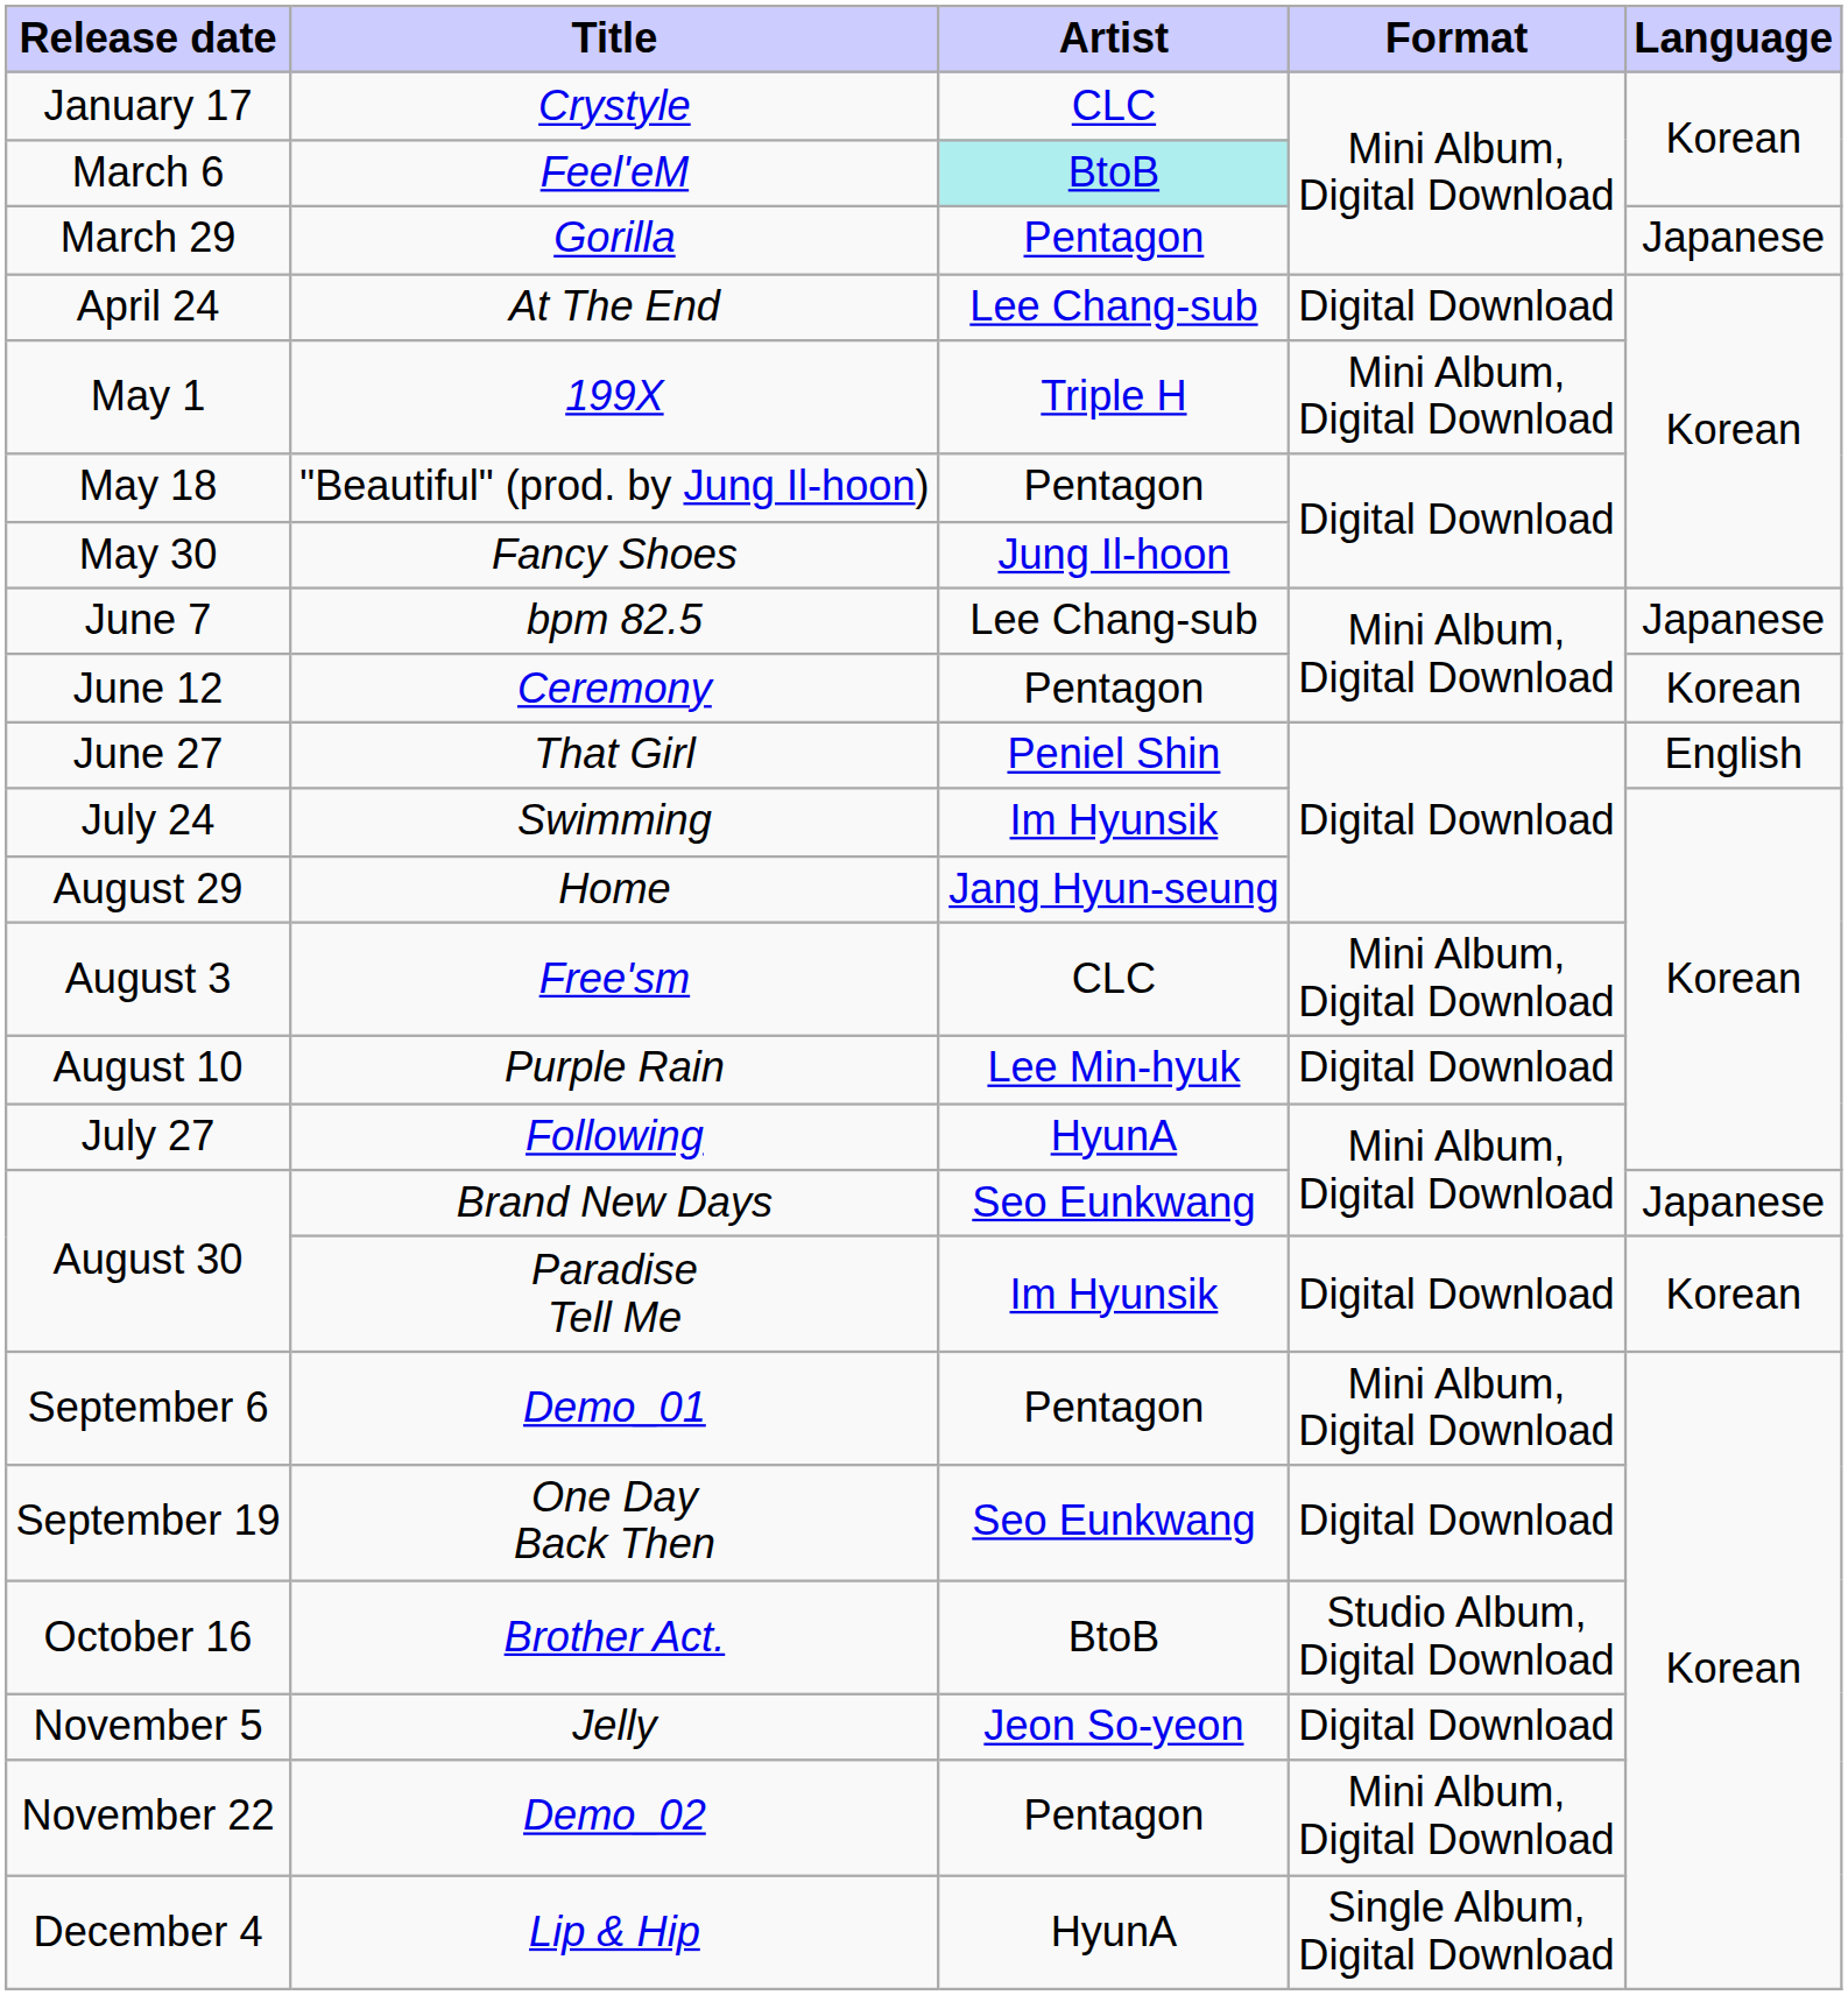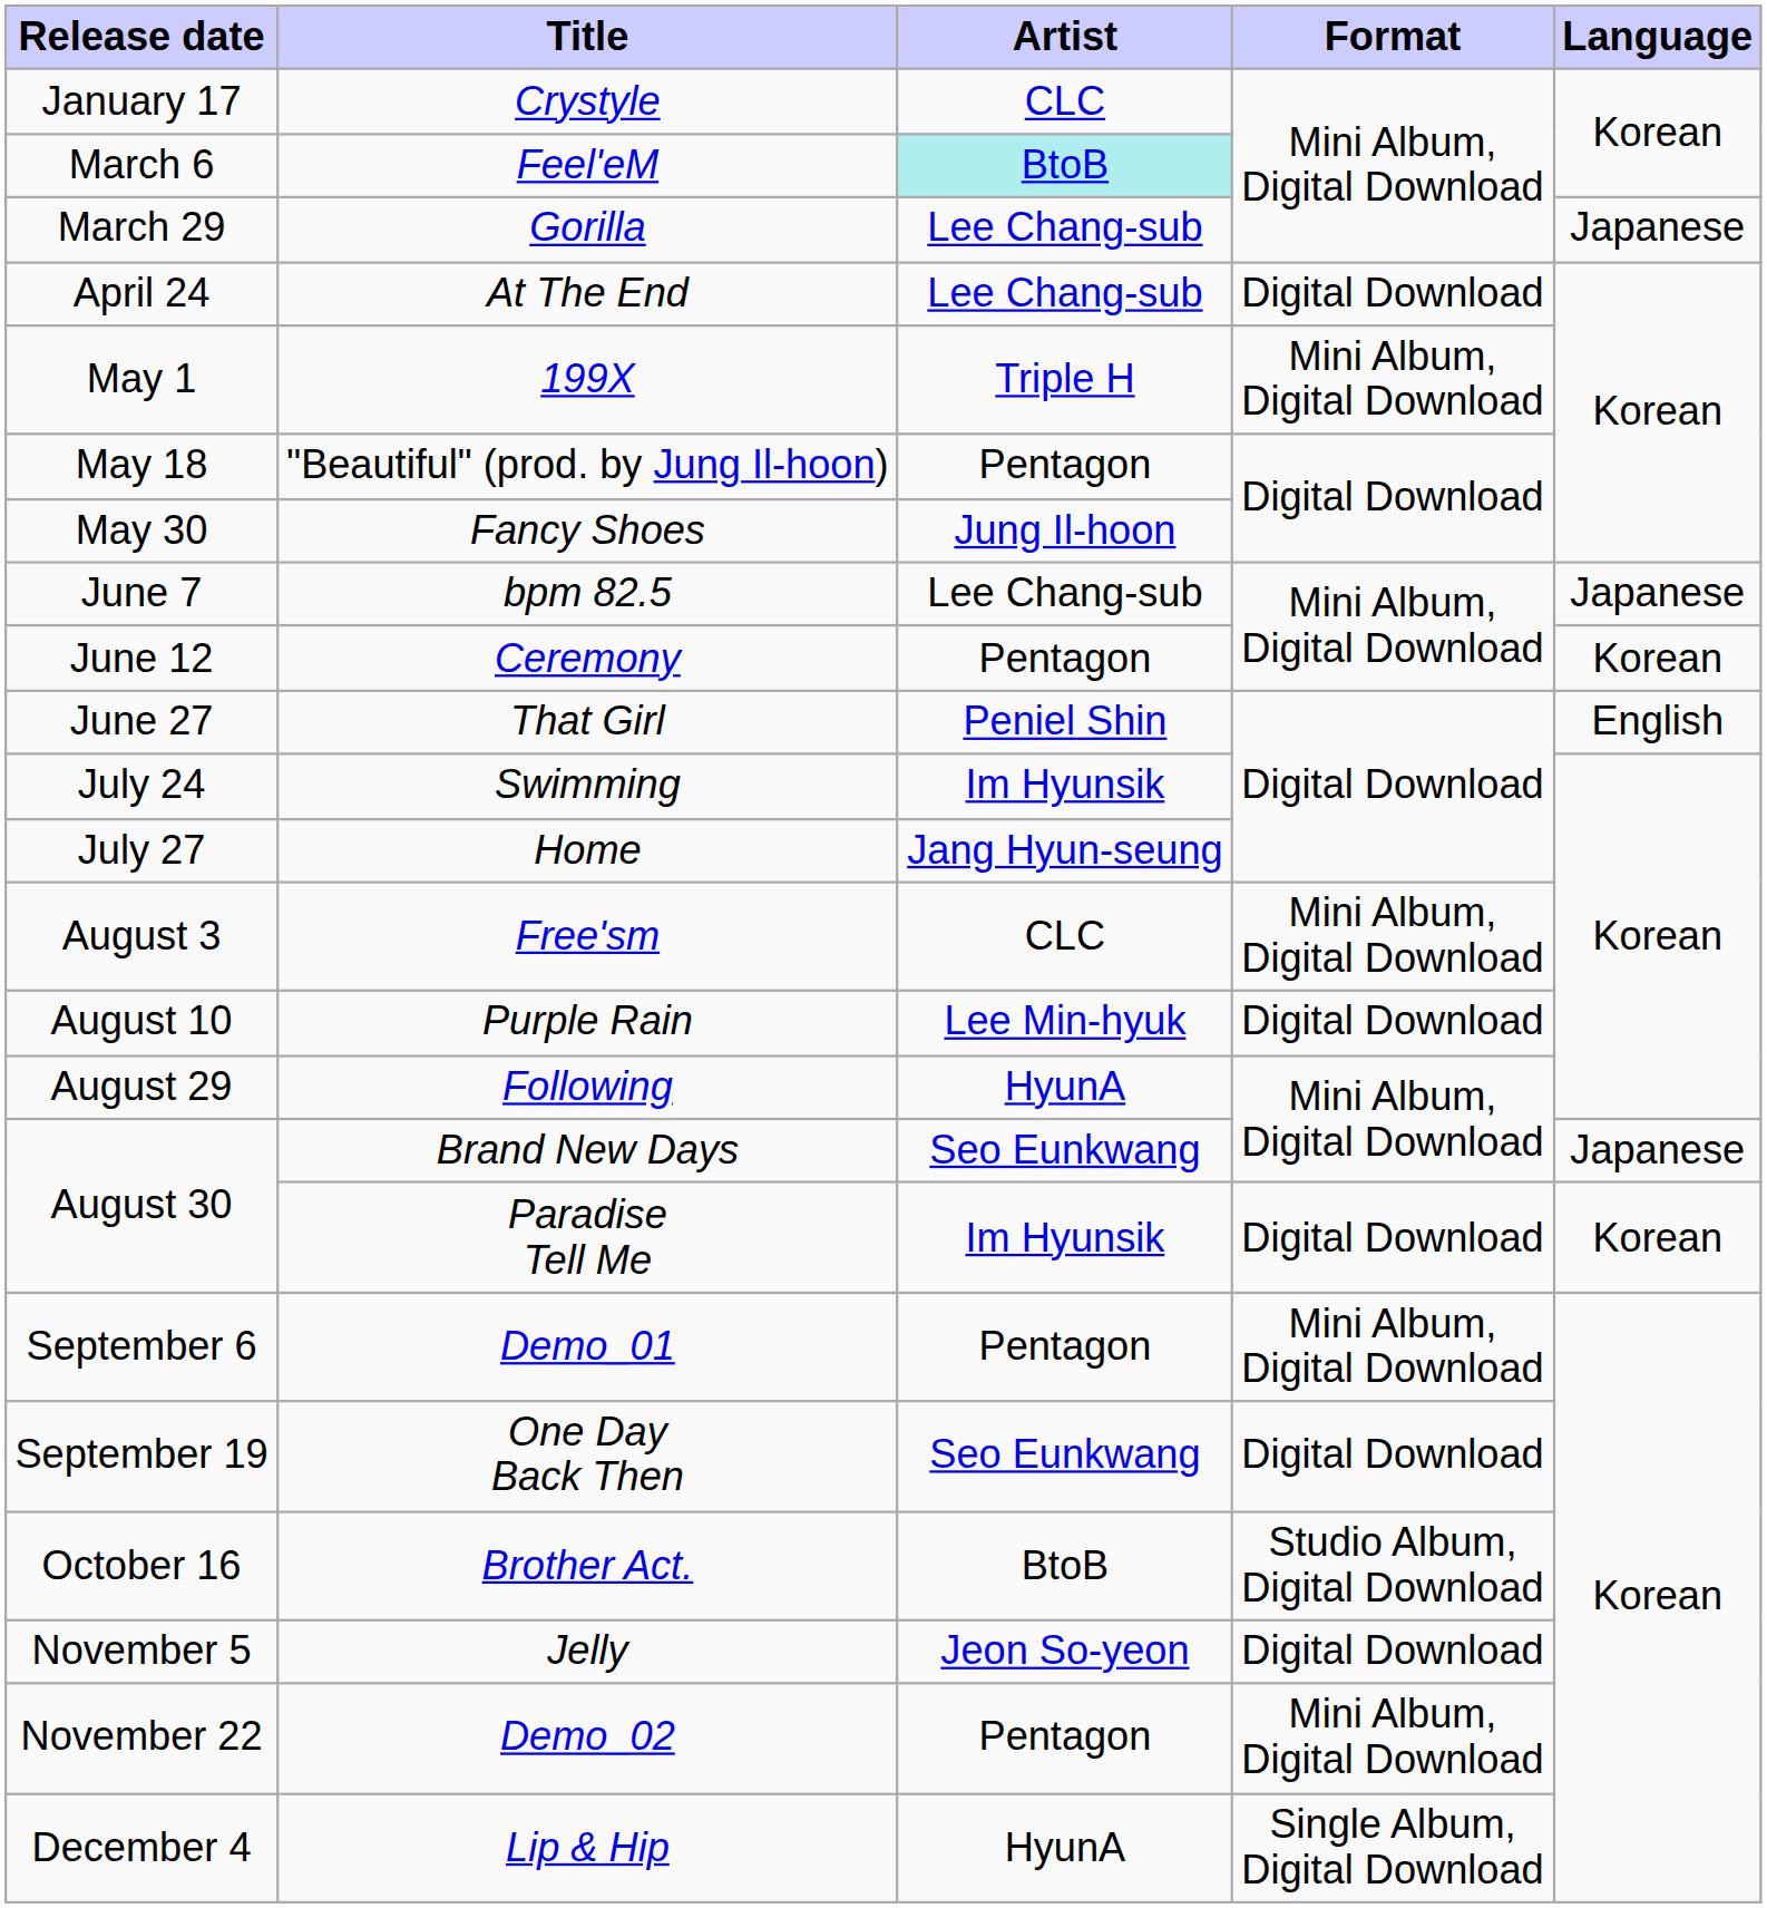 <table class="wikitable sortable" style="text-align:center">
 <tr>
 <th style="background:#CCF;">Release date</th>
 <th style="background:#CCF;">Title</th>
 <th style="background:#CCF;">Artist</th>
 <th style="background:#CCF;">Format</th>
 <th style="background:#CCF;">Language</th>
 </tr>
 <tr>
 <td>January 17</td>
 <td><em><a href='#'>Crystyle</a></em></td>
 <td><a href='#'>CLC</a></td>
 <td rowspan="3">Mini Album, <br>Digital Download</td>
 <td rowspan="2">Korean</td>
 </tr>
 <tr>
 <td>March 6</td>
 <td><em><a href='#'>Feel'eM</a></em></td>
 <td style="background: paleturquoise;"><a href='#'>BtoB</a></td>
 </tr>
 <tr>
 <td>March 29</td>
 <td><em><a href='#'>Gorilla</a></em></td>
-<td><a href='#'>Pentagon</a></td>
+<td><a href='#'>Lee Chang-sub</a></td>
 <td>Japanese</td>
 </tr>
 <tr>
 <td>April 24</td>
 <td><em>At The End</em></td>
 <td><a href='#'>Lee Chang-sub</a></td>
 <td>Digital Download</td>
 <td rowspan="4">Korean</td>
 </tr>
 <tr>
 <td>May 1</td>
 <td><em><a href='#'>199X</a></em></td>
 <td><a href='#'>Triple H</a></td>
 <td>Mini Album, <br>Digital Download</td>
 </tr>
 <tr>
 <td>May 18</td>
 <td>"Beautiful" (prod. by <a href='#'>Jung Il-hoon</a>)</td>
 <td>Pentagon</td>
 <td rowspan="2">Digital Download</td>
 </tr>
 <tr>
 <td>May 30</td>
 <td><em>Fancy Shoes</em></td>
 <td><a href='#'>Jung Il-hoon</a></td>
 </tr>
 <tr>
 <td>June 7</td>
 <td><em>bpm 82.5</em></td>
 <td>Lee Chang-sub</td>
 <td rowspan="2">Mini Album, <br>Digital Download</td>
 <td>Japanese</td>
 </tr>
 <tr>
 <td>June 12</td>
 <td><em><a href='#'>Ceremony</a></em></td>
 <td>Pentagon</td>
 <td>Korean</td>
 </tr>
 <tr>
 <td>June 27</td>
 <td><em>That Girl</em></td>
 <td><a href='#'>Peniel Shin</a></td>
 <td rowspan="3">Digital Download</td>
 <td>English</td>
 </tr>
 <tr>
 <td>July 24</td>
 <td><em>Swimming</em></td>
 <td><a href='#'>Im Hyunsik</a></td>
 <td rowspan="5">Korean</td>
 </tr>
 <tr>
-<td>August 29</td>
+<td>July 27</td>
 <td><em>Home</em></td>
 <td><a href='#'>Jang Hyun-seung</a></td>
 </tr>
 <tr>
 <td>August 3</td>
 <td><em><a href='#'>Free'sm</a></em></td>
 <td>CLC</td>
 <td>Mini Album, <br>Digital Download</td>
 </tr>
 <tr>
 <td>August 10</td>
 <td><em>Purple Rain</em></td>
 <td><a href='#'>Lee Min-hyuk</a></td>
 <td>Digital Download</td>
 </tr>
 <tr>
-<td>July 27</td>
+<td>August 29</td>
 <td><em><a href='#'>Following</a></em></td>
 <td><a href='#'>HyunA</a></td>
 <td rowspan="2">Mini Album, <br>Digital Download</td>
 </tr>
 <tr>
 <td rowspan="2">August 30</td>
 <td><em>Brand New Days</em></td>
 <td><a href='#'>Seo Eunkwang</a></td>
 <td>Japanese</td>
 </tr>
 <tr>
 <td><em>Paradise</em> <br><em>Tell Me</em></td>
 <td><a href='#'>Im Hyunsik</a></td>
 <td>Digital Download</td>
 <td>Korean</td>
 </tr>
 <tr>
 <td>September 6</td>
 <td><em><a href='#'>Demo_01</a></em></td>
 <td>Pentagon</td>
 <td>Mini Album, <br>Digital Download</td>
 <td rowspan="6">Korean</td>
 </tr>
 <tr>
 <td>September 19</td>
 <td><em>One Day</em> <br><em>Back Then</em></td>
 <td><a href='#'>Seo Eunkwang</a></td>
 <td>Digital Download</td>
 </tr>
 <tr>
 <td>October 16</td>
 <td><em><a href='#'>Brother Act.</a></em></td>
 <td>BtoB</td>
 <td>Studio Album, <br>Digital Download</td>
 </tr>
 <tr>
 <td>November 5</td>
 <td><em>Jelly</em></td>
 <td><a href='#'>Jeon So-yeon</a></td>
 <td>Digital Download</td>
 </tr>
 <tr>
 <td>November 22</td>
 <td><em><a href='#'>Demo_02</a></em></td>
 <td>Pentagon</td>
 <td>Mini Album, <br>Digital Download</td>
 </tr>
 <tr>
 <td>December 4</td>
 <td><em><a href='#'>Lip & Hip</a></em></td>
 <td>HyunA</td>
 <td>Single Album, <br>Digital Download</td>
 </tr>
 </table>
